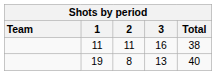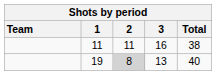 <table class="wikitable" style="width:20em; text-align:right;">
 <tr>
 <th colspan=5>Shots by period</th>
 </tr>
 <tr>
 <th style="width:8em; text-align:left;">Team</th>
 <th style="width:3em;">1</th>
 <th style="width:3em;">2</th>
 <th style="width:3em;">3</th>
 <th style="width:3em;">Total</th>
 </tr>
 <tr style="text-align:center;">
 <td style="text-align:left;"></td>
 <td>11</td>
 <td>11</td>
 <td>16</td>
 <td>38</td>
 </tr>
 <tr style="text-align:center;">
 <td style="text-align:left;"></td>
 <td>19</td>
-<td>8</td>
+<td style="background: lightgrey;">8</td>
 <td>13</td>
 <td>40</td>
 </tr>
 </table>
